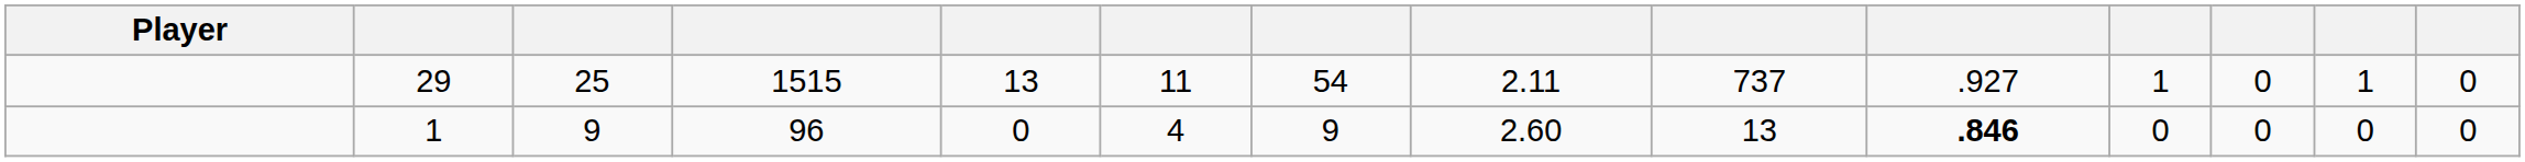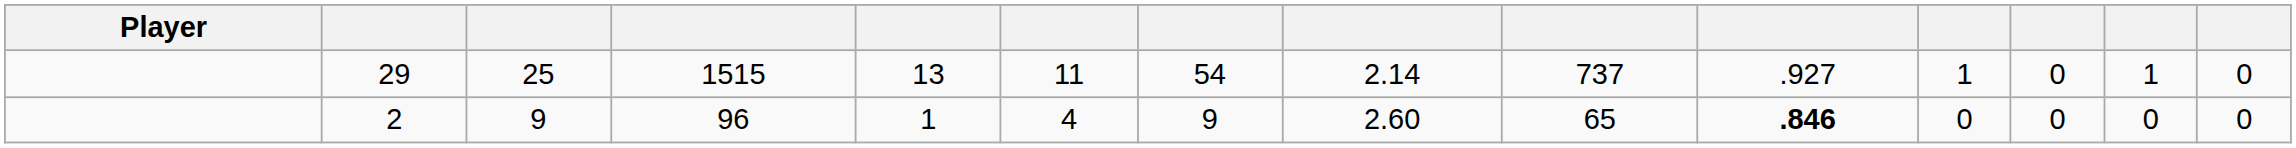 <table class="wikitable sortable" style="width:100%; text-align:center;">
 <tr style="text-align:center; background:#ddd;">
 <th>Player</th>
 <th></th>
 <th></th>
 <th></th>
 <th></th>
 <th></th>
 <th></th>
 <th></th>
 <th></th>
 <th></th>
 <th></th>
 <th></th>
 <th></th>
 <th></th>
 </tr>
 <tr align=center>
 <td style=white-space:nowrap></td>
 <td>29</td>
 <td>25</td>
 <td>1515</td>
 <td>13</td>
 <td>11</td>
 <td>54</td>
-<td>2.11</td>
+<td>2.14</td>
 <td>737</td>
 <td>.927</td>
 <td>1</td>
 <td>0</td>
 <td>1</td>
 <td>0</td>
 </tr>
 <tr>
 <td style=white-space:nowrap></td>
-<td>1</td>
+<td>2</td>
 <td>9</td>
 <td>96</td>
-<td>0</td>
+<td>1</td>
 <td>4</td>
 <td>9</td>
 <td>2.60</td>
-<td>13</td>
+<td>65</td>
 <td><strong>.846</strong></td>
 <td>0</td>
 <td>0</td>
 <td>0</td>
 <td>0</td>
 </tr>
 </table>
